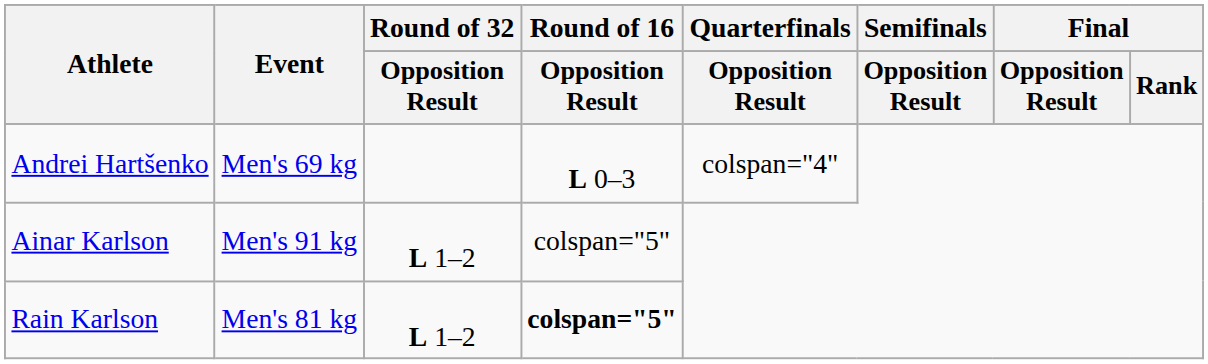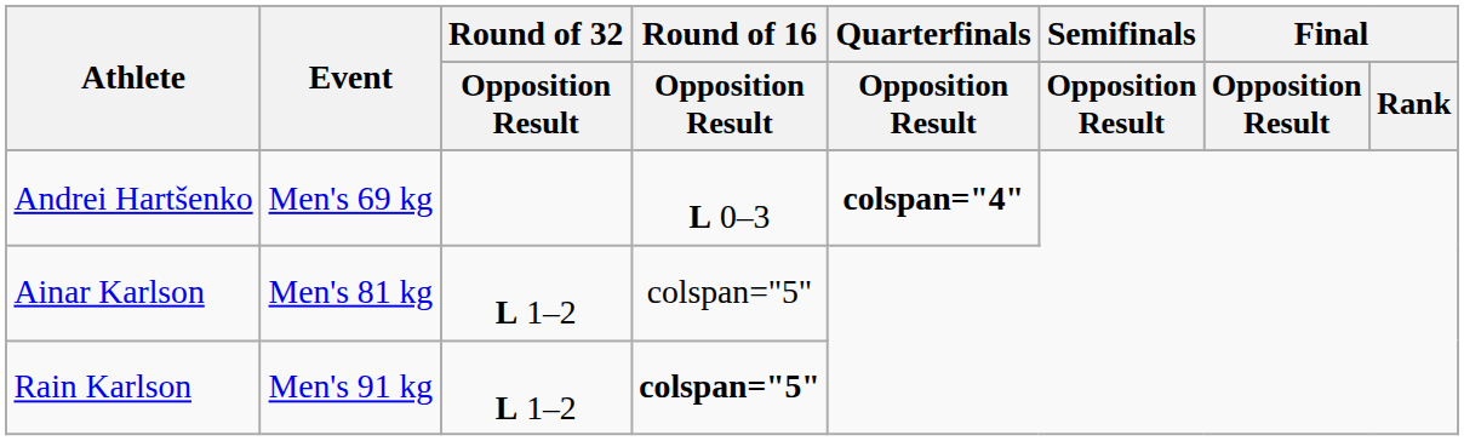 <table class="wikitable" style="font-size:90%">
 <tr>
 <th rowspan="2">Athlete</th>
 <th rowspan="2">Event</th>
 <th>Round of 32</th>
 <th>Round of 16</th>
 <th>Quarterfinals</th>
 <th>Semifinals</th>
 <th colspan=2>Final</th>
 </tr>
 <tr style="font-size:95%">
 <th>Opposition<br>Result</th>
 <th>Opposition<br>Result</th>
 <th>Opposition<br>Result</th>
 <th>Opposition<br>Result</th>
 <th>Opposition<br>Result</th>
 <th>Rank</th>
 </tr>
 <tr align=center>
 <td align=left><a href='#'>Andrei Hartšenko</a></td>
 <td align=left><a href='#'>Men's 69 kg</a></td>
 <td></td>
 <td><br><strong>L</strong> 0–3</td>
-<td>colspan="4" </td>
+<td><strong>colspan="4" </strong></td>
 </tr>
 <tr align=center>
 <td align=left><a href='#'>Ainar Karlson</a></td>
-<td align=left><a href='#'>Men's 91 kg</a></td>
+<td align=left><a href='#'>Men's 81 kg</a></td>
 <td><br><strong>L</strong> 1–2</td>
 <td>colspan="5" </td>
 </tr>
 <tr align=center>
 <td align=left><a href='#'>Rain Karlson</a></td>
-<td align=left><a href='#'>Men's 81 kg</a></td>
+<td align=left><a href='#'>Men's 91 kg</a></td>
 <td><br><strong>L</strong> 1–2</td>
 <td><strong>colspan="5" </strong></td>
 </tr>
 </table>
